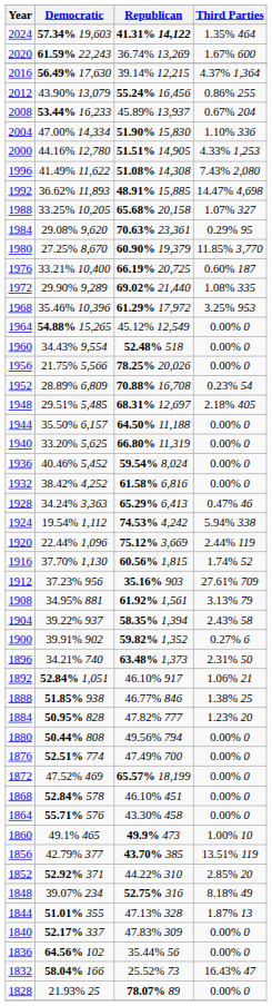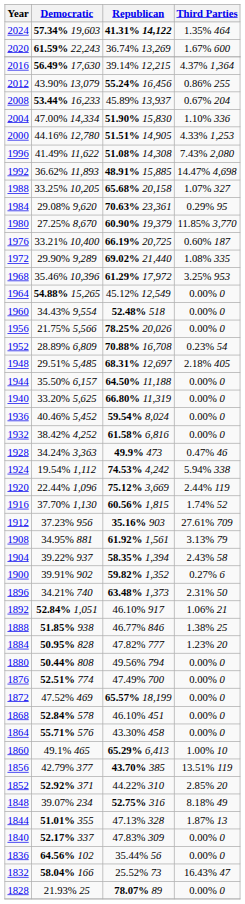 <table class="wikitable" style="float:center; margin:1em; font-size:95%; text-align:center">
 <tr style="background:lightgrey;">
 <th>Year</th>
 <th><a href='#'>Democratic</a></th>
 <th><a href='#'>Republican</a></th>
 <th><a href='#'>Third Parties</a></th>
 </tr>
 <tr>
 <td align="center" ><a href='#'>2024</a></td>
 <td align="center" ><strong>57.34%</strong> <em>19,603</em></td>
 <td align="center" ><strong>41.31% <em>14,122</em></strong></td>
 <td align="center" >1.35% <em>464</em></td>
 </tr>
 <tr>
 <td align="center" ><a href='#'>2020</a></td>
 <td align="center" ><strong>61.59%</strong> <em>22,243</em></td>
 <td align="center" >36.74% <em>13,269</em></td>
 <td align="center" >1.67% <em>600</em></td>
 </tr>
 <tr>
 </tr>
 <tr>
 <td align="center" ><a href='#'>2016</a></td>
 <td align="center" ><strong>56.49%</strong> <em>17,630</em></td>
 <td align="center" >39.14% <em>12,215</em></td>
 <td align="center" >4.37% <em>1,364</em></td>
 </tr>
 <tr>
 <td align="center" ><a href='#'>2012</a></td>
 <td align="center" >43.90% <em>13,079</em></td>
 <td align="center" ><strong>55.24%</strong> <em>16,456</em></td>
 <td align="center" >0.86% <em>255</em></td>
 </tr>
 <tr>
 <td align="center" ><a href='#'>2008</a></td>
 <td align="center" ><strong>53.44%</strong> <em>16,233</em></td>
 <td align="center" >45.89% <em>13,937</em></td>
 <td align="center" >0.67% <em>204</em></td>
 </tr>
 <tr>
 <td align="center" ><a href='#'>2004</a></td>
 <td align="center" >47.00% <em>14,334</em></td>
 <td align="center" ><strong>51.90%</strong> <em>15,830</em></td>
 <td align="center" >1.10% <em>336</em></td>
 </tr>
 <tr>
 <td align="center" ><a href='#'>2000</a></td>
 <td align="center" >44.16% <em>12,780</em></td>
 <td align="center" ><strong>51.51%</strong> <em>14,905</em></td>
 <td align="center" >4.33% <em>1,253</em></td>
 </tr>
 <tr>
 <td align="center" ><a href='#'>1996</a></td>
 <td align="center" >41.49% <em>11,622</em></td>
 <td align="center" ><strong>51.08%</strong> <em>14,308</em></td>
 <td align="center" >7.43% <em>2,080</em></td>
 </tr>
 <tr>
 <td align="center" ><a href='#'>1992</a></td>
 <td align="center" >36.62% <em>11,893</em></td>
 <td align="center" ><strong>48.91%</strong> <em>15,885</em></td>
 <td align="center" >14.47% <em>4,698</em></td>
 </tr>
 <tr>
 <td align="center" ><a href='#'>1988</a></td>
 <td align="center" >33.25% <em>10,205</em></td>
 <td align="center" ><strong>65.68%</strong> <em>20,158</em></td>
 <td align="center" >1.07% <em>327</em></td>
 </tr>
 <tr>
 <td align="center" ><a href='#'>1984</a></td>
 <td align="center" >29.08% <em>9,620</em></td>
 <td align="center" ><strong>70.63%</strong> <em>23,361</em></td>
 <td align="center" >0.29% <em>95</em></td>
 </tr>
 <tr>
 <td align="center" ><a href='#'>1980</a></td>
 <td align="center" >27.25% <em>8,670</em></td>
 <td align="center" ><strong>60.90%</strong> <em>19,379</em></td>
 <td align="center" >11.85% <em>3,770</em></td>
 </tr>
 <tr>
 <td align="center" ><a href='#'>1976</a></td>
 <td align="center" >33.21% <em>10,400</em></td>
 <td align="center" ><strong>66.19%</strong> <em>20,725</em></td>
 <td align="center" >0.60% <em>187</em></td>
 </tr>
 <tr>
 <td align="center" ><a href='#'>1972</a></td>
 <td align="center" >29.90% <em>9,289</em></td>
 <td align="center" ><strong>69.02%</strong> <em>21,440</em></td>
 <td align="center" >1.08% <em>335</em></td>
 </tr>
 <tr>
 <td align="center" ><a href='#'>1968</a></td>
 <td align="center" >35.46% <em>10,396</em></td>
 <td align="center" ><strong>61.29%</strong> <em>17,972</em></td>
 <td align="center" >3.25% <em>953</em></td>
 </tr>
 <tr>
 <td align="center" ><a href='#'>1964</a></td>
 <td align="center" ><strong>54.88%</strong> <em>15,265</em></td>
 <td align="center" >45.12% <em>12,549</em></td>
 <td align="center" >0.00% <em>0</em></td>
 </tr>
 <tr>
 <td align="center" ><a href='#'>1960</a></td>
 <td align="center" >34.43% <em>9,554</em></td>
 <td align="center" ><strong>52.48%</strong> <em>518</em></td>
 <td align="center" >0.00% <em>0</em></td>
 </tr>
 <tr>
 <td align="center" ><a href='#'>1956</a></td>
 <td align="center" >21.75% <em>5,566</em></td>
 <td align="center" ><strong>78.25%</strong> <em>20,026</em></td>
 <td align="center" >0.00% <em>0</em></td>
 </tr>
 <tr>
 <td align="center" ><a href='#'>1952</a></td>
 <td align="center" >28.89% <em>6,809</em></td>
 <td align="center" ><strong>70.88%</strong> <em>16,708</em></td>
 <td align="center" >0.23% <em>54</em></td>
 </tr>
 <tr>
 <td align="center" ><a href='#'>1948</a></td>
 <td align="center" >29.51% <em>5,485</em></td>
 <td align="center" ><strong>68.31%</strong> <em>12,697</em></td>
 <td align="center" >2.18% <em>405</em></td>
 </tr>
 <tr>
 <td align="center" ><a href='#'>1944</a></td>
 <td align="center" >35.50% <em>6,157</em></td>
 <td align="center" ><strong>64.50%</strong> <em>11,188</em></td>
 <td align="center" >0.00% <em>0</em></td>
 </tr>
 <tr>
 <td align="center" ><a href='#'>1940</a></td>
 <td align="center" >33.20% <em>5,625</em></td>
 <td align="center" ><strong>66.80%</strong> <em>11,319</em></td>
 <td align="center" >0.00% <em>0</em></td>
 </tr>
 <tr>
 <td align="center" ><a href='#'>1936</a></td>
 <td align="center" >40.46% <em>5,452</em></td>
 <td align="center" ><strong>59.54%</strong> <em>8,024</em></td>
 <td align="center" >0.00% <em>0</em></td>
 </tr>
 <tr>
 <td align="center" ><a href='#'>1932</a></td>
 <td align="center" >38.42% <em>4,252</em></td>
 <td align="center" ><strong>61.58%</strong> <em>6,816</em></td>
 <td align="center" >0.00% <em>0</em></td>
 </tr>
 <tr>
 <td align="center" ><a href='#'>1928</a></td>
 <td align="center" >34.24% <em>3,363</em></td>
-<td align="center" ><strong>65.29%</strong> <em>6,413</em></td>
+<td align="center" ><strong>49.9%</strong> <em>473</em></td>
 <td align="center" >0.47% <em>46</em></td>
 </tr>
 <tr>
 <td align="center" ><a href='#'>1924</a></td>
 <td align="center" >19.54% <em>1,112</em></td>
 <td align="center" ><strong>74.53%</strong> <em>4,242</em></td>
 <td align="center" >5.94% <em>338</em></td>
 </tr>
 <tr>
 <td align="center" ><a href='#'>1920</a></td>
 <td align="center" >22.44% <em>1,096</em></td>
 <td align="center" ><strong>75.12%</strong> <em>3,669</em></td>
 <td align="center" >2.44% <em>119</em></td>
 </tr>
 <tr>
 <td align="center" ><a href='#'>1916</a></td>
 <td align="center" >37.70% <em>1,130</em></td>
 <td align="center" ><strong>60.56%</strong> <em>1,815</em></td>
 <td align="center" >1.74% <em>52</em></td>
 </tr>
 <tr>
 <td align="center" ><a href='#'>1912</a></td>
 <td align="center" >37.23% <em>956</em></td>
 <td align="center" ><strong>35.16%</strong> <em>903</em></td>
 <td align="center" >27.61% <em>709</em></td>
 </tr>
 <tr>
 <td align="center" ><a href='#'>1908</a></td>
 <td align="center" >34.95% <em>881</em></td>
 <td align="center" ><strong>61.92%</strong> <em>1,561</em></td>
 <td align="center" >3.13% <em>79</em></td>
 </tr>
 <tr>
 <td align="center" ><a href='#'>1904</a></td>
 <td align="center" >39.22% <em>937</em></td>
 <td align="center" ><strong>58.35%</strong> <em>1,394</em></td>
 <td align="center" >2.43% <em>58</em></td>
 </tr>
 <tr>
 <td align="center" ><a href='#'>1900</a></td>
 <td align="center" >39.91% <em>902</em></td>
 <td align="center" ><strong>59.82%</strong> <em>1,352</em></td>
 <td align="center" >0.27% <em>6</em></td>
 </tr>
 <tr>
 <td align="center" ><a href='#'>1896</a></td>
 <td align="center" >34.21% <em>740</em></td>
 <td align="center" ><strong>63.48%</strong> <em>1,373</em></td>
 <td align="center" >2.31% <em>50</em></td>
 </tr>
 <tr>
 <td align="center" ><a href='#'>1892</a></td>
 <td align="center" ><strong>52.84%</strong> <em>1,051</em></td>
 <td align="center" >46.10% <em>917</em></td>
 <td align="center" >1.06% <em>21</em></td>
 </tr>
 <tr>
 <td align="center" ><a href='#'>1888</a></td>
 <td align="center" ><strong>51.85%</strong> <em>938</em></td>
 <td align="center" >46.77% <em>846</em></td>
 <td align="center" >1.38% <em>25</em></td>
 </tr>
 <tr>
 <td align="center" ><a href='#'>1884</a></td>
 <td align="center" ><strong>50.95%</strong> <em>828</em></td>
 <td align="center" >47.82% <em>777</em></td>
 <td align="center" >1.23% <em>20</em></td>
 </tr>
 <tr>
 <td align="center" ><a href='#'>1880</a></td>
 <td align="center" ><strong>50.44%</strong> <em>808</em></td>
 <td align="center" >49.56% <em>794</em></td>
 <td align="center" >0.00% <em>0</em></td>
 </tr>
 <tr>
 <td align="center" ><a href='#'>1876</a></td>
 <td align="center" ><strong>52.51%</strong> <em>774</em></td>
 <td align="center" >47.49% <em>700</em></td>
 <td align="center" >0.00% <em>0</em></td>
 </tr>
 <tr>
 <td align="center" ><a href='#'>1872</a></td>
 <td align="center" >47.52% <em>469</em></td>
 <td align="center" ><strong>65.57%</strong> <em>18,199</em></td>
 <td align="center" >0.00% <em>0</em></td>
 </tr>
 <tr>
 <td align="center" ><a href='#'>1868</a></td>
 <td align="center" ><strong>52.84%</strong> <em>578</em></td>
 <td align="center" >46.10% <em>451</em></td>
 <td align="center" >0.00% <em>0</em></td>
 </tr>
 <tr>
 <td align="center" ><a href='#'>1864</a></td>
 <td align="center" ><strong>55.71%</strong> <em>576</em></td>
 <td align="center" >43.30% <em>458</em></td>
 <td align="center" >0.00% <em>0</em></td>
 </tr>
 <tr>
 <td align="center" ><a href='#'>1860</a></td>
 <td align="center" >49.1% <em>465</em></td>
-<td align="center" ><strong>49.9%</strong> <em>473</em></td>
+<td align="center" ><strong>65.29%</strong> <em>6,413</em></td>
 <td align="center" >1.00% <em>10</em></td>
 </tr>
 <tr>
 <td align="center" ><a href='#'>1856</a></td>
 <td align="center" >42.79% <em>377</em></td>
 <td align="center" ><strong>43.70%</strong> <em>385</em></td>
 <td align="center" >13.51% <em>119</em></td>
 </tr>
 <tr>
 <td align="center" ><a href='#'>1852</a></td>
 <td align="center" ><strong>52.92%</strong> <em>371</em></td>
 <td align="center" >44.22% <em>310</em></td>
 <td align="center" >2.85% <em>20</em></td>
 </tr>
 <tr>
 <td align="center" ><a href='#'>1848</a></td>
 <td align="center" >39.07% <em>234</em></td>
 <td align="center" ><strong>52.75%</strong> <em>316</em></td>
 <td align="center" >8.18% <em>49</em></td>
 </tr>
 <tr>
 <td align="center" ><a href='#'>1844</a></td>
 <td align="center" ><strong>51.01%</strong> <em>355</em></td>
 <td align="center" >47.13% <em>328</em></td>
 <td align="center" >1.87% <em>13</em></td>
 </tr>
 <tr>
 <td align="center" ><a href='#'>1840</a></td>
 <td align="center" ><strong>52.17%</strong> <em>337</em></td>
 <td align="center" >47.83% <em>309</em></td>
 <td align="center" >0.00% <em>0</em></td>
 </tr>
 <tr>
 <td align="center" ><a href='#'>1836</a></td>
 <td align="center" ><strong>64.56%</strong> <em>102</em></td>
 <td align="center" >35.44% <em>56</em></td>
 <td align="center" >0.00% <em>0</em></td>
 </tr>
 <tr>
 <td align="center" ><a href='#'>1832</a></td>
 <td align="center" ><strong>58.04%</strong> <em>166</em></td>
 <td align="center" >25.52% <em>73</em></td>
 <td align="center" >16.43% <em>47</em></td>
 </tr>
 <tr>
 <td align="center" ><a href='#'>1828</a></td>
 <td align="center" >21.93% <em>25</em></td>
 <td align="center" ><strong>78.07%</strong> <em>89</em></td>
 <td align="center" >0.00% <em>0</em></td>
 </tr>
 <tr>
 </tr>
 </table>
